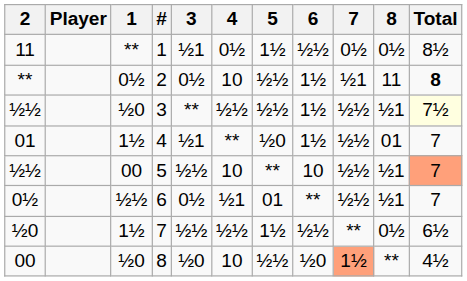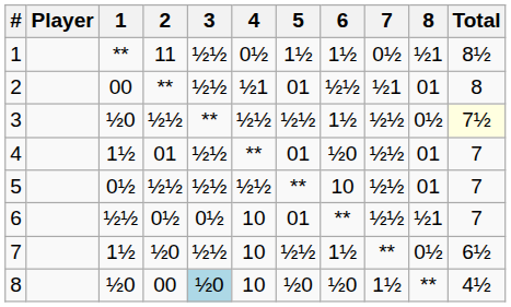 <table class="wikitable" style="text-align: center; margin: 0em 4em">
 <tr>
-<th>2</th>
+<th>#</th>
 <th>Player</th>
 <th>1</th>
-<th>#</th>
+<th>2</th>
 <th>3</th>
 <th>4</th>
 <th>5</th>
 <th>6</th>
 <th>7</th>
 <th>8</th>
 <th>Total</th>
 </tr>
 <tr>
-<td>11</td>
+<td>1</td>
 <td align=left></td>
 <td>**</td>
-<td>1</td>
-<td>½1</td>
+<td>11</td>
+<td>½½</td>
 <td>0½</td>
 <td>1½</td>
-<td>½½</td>
+<td>1½</td>
 <td>0½</td>
-<td>0½</td>
+<td>½1</td>
 <td>8½</td>
 </tr>
 <tr>
+<td>2</td>
+<td align=left></td>
+<td>00</td>
 <td>**</td>
-<td align=left></td>
-<td>0½</td>
-<td>2</td>
-<td>0½</td>
-<td>10</td>
 <td>½½</td>
-<td>1½</td>
 <td>½1</td>
-<td>11</td>
-<td><strong>8</strong></td>
+<td>01</td>
+<td>½½</td>
+<td>½1</td>
+<td>01</td>
+<td>8</td>
 </tr>
 <tr>
-<td>½½</td>
+<td>3</td>
 <td align=left></td>
 <td>½0</td>
-<td>3</td>
+<td>½½</td>
 <td>**</td>
 <td>½½</td>
 <td>½½</td>
 <td>1½</td>
 <td>½½</td>
-<td>½1</td>
+<td>0½</td>
 <td style="background: lightyellow;">7½</td>
 </tr>
 <tr>
-<td>01</td>
+<td>4</td>
 <td align=left></td>
 <td>1½</td>
-<td>4</td>
-<td>½1</td>
+<td>01</td>
+<td>½½</td>
 <td>**</td>
+<td>01</td>
 <td>½0</td>
-<td>1½</td>
 <td>½½</td>
 <td>01</td>
 <td>7</td>
 </tr>
 <tr>
+<td>5</td>
+<td align=left></td>
+<td>0½</td>
 <td>½½</td>
-<td align=left></td>
-<td>00</td>
-<td>5</td>
 <td>½½</td>
-<td>10</td>
+<td>½½</td>
 <td>**</td>
 <td>10</td>
 <td>½½</td>
-<td>½1</td>
-<td style="background: lightsalmon;">7</td>
+<td>01</td>
+<td>7</td>
 </tr>
 <tr>
-<td>0½</td>
+<td>6</td>
 <td align=left></td>
 <td>½½</td>
-<td>6</td>
 <td>0½</td>
-<td>½1</td>
+<td>0½</td>
+<td>10</td>
 <td>01</td>
 <td>**</td>
 <td>½½</td>
 <td>½1</td>
 <td>7</td>
 </tr>
 <tr>
-<td>½0</td>
+<td>7</td>
 <td align=left></td>
 <td>1½</td>
-<td>7</td>
+<td>½0</td>
 <td>½½</td>
+<td>10</td>
 <td>½½</td>
 <td>1½</td>
-<td>½½</td>
 <td>**</td>
 <td>0½</td>
 <td>6½</td>
 </tr>
 <tr>
-<td>00</td>
+<td>8</td>
 <td align=left></td>
 <td>½0</td>
-<td>8</td>
+<td>00</td>
+<td style="background: lightblue;">½0</td>
+<td>10</td>
 <td>½0</td>
-<td>10</td>
-<td>½½</td>
 <td>½0</td>
-<td style="background: lightsalmon;">1½</td>
+<td>1½</td>
 <td>**</td>
 <td>4½</td>
 </tr>
 </table>
